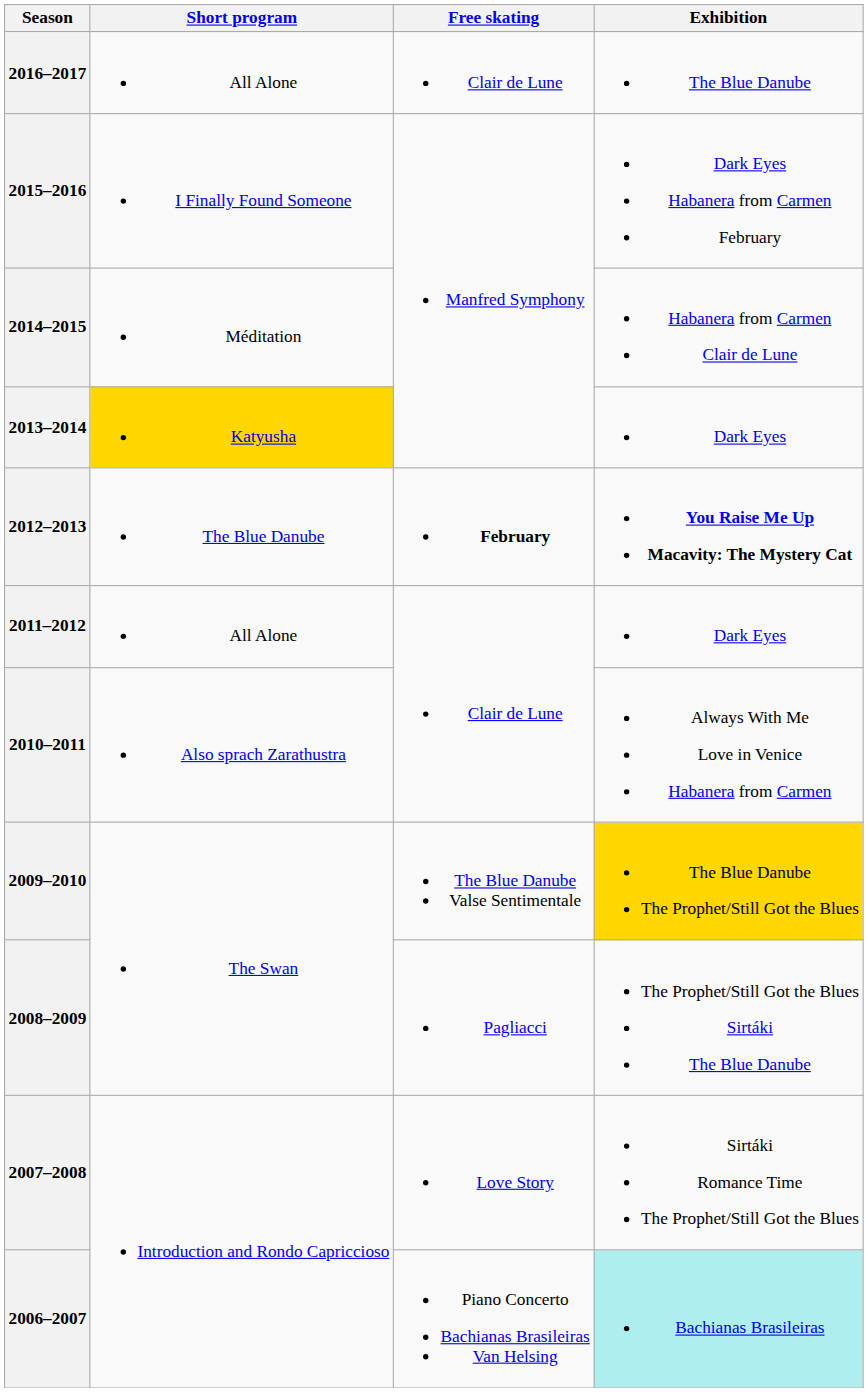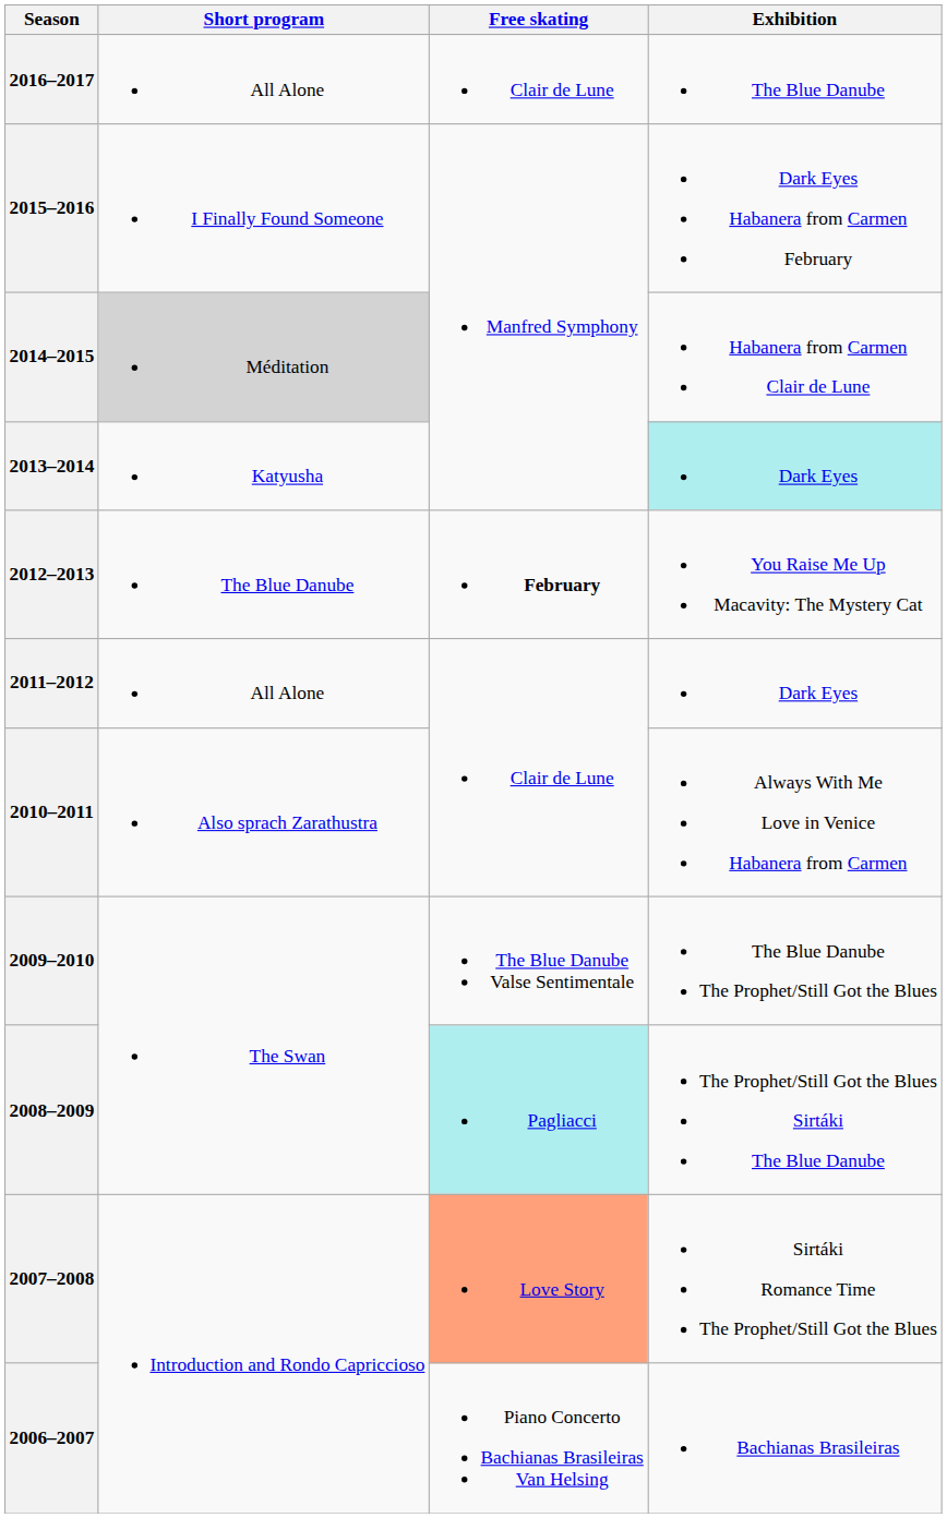 <table class="wikitable" style="text-align:center">
 <tr>
 <th>Season</th>
 <th><a href='#'>Short program</a></th>
 <th><a href='#'>Free skating</a></th>
 <th>Exhibition</th>
 </tr>
 <tr>
 <th>2016–2017 <br></th>
 <td><br><ul><li>All Alone <br> </li></ul></td>
 <td><br><ul><li><a href='#'>Clair de Lune</a> <br> </li></ul></td>
 <td><br><ul><li><a href='#'>The Blue Danube</a> <br> </li></ul></td>
 </tr>
 <tr>
 <th>2015–2016 <br> </th>
 <td><br><ul><li><a href='#'>I Finally Found Someone</a> <br></li></ul></td>
 <td rowspan=3><br><ul><li><a href='#'>Manfred Symphony</a> <br></li></ul></td>
 <td><br><ul><li><a href='#'>Dark Eyes</a> <br></li></ul><ul><li><a href='#'>Habanera</a> from <a href='#'>Carmen</a> <br></li></ul><ul><li>February <br></li></ul></td>
 </tr>
 <tr>
 <th>2014–2015 <br> </th>
-<td><br><ul><li>Méditation <br></li></ul></td>
+<td style="background: lightgrey;"><br><ul><li>Méditation <br></li></ul></td>
 <td><br><ul><li><a href='#'>Habanera</a> from <a href='#'>Carmen</a> <br></li></ul><ul><li><a href='#'>Clair de Lune</a> <br></li></ul></td>
 </tr>
 <tr>
 <th>2013–2014 <br> </th>
-<td style="background: gold;"><br><ul><li><a href='#'>Katyusha</a> <br></li></ul></td>
-<td><br><ul><li><a href='#'>Dark Eyes</a> <br></li></ul></td>
+<td><br><ul><li><a href='#'>Katyusha</a> <br></li></ul></td>
+<td style="background: paleturquoise;"><br><ul><li><a href='#'>Dark Eyes</a> <br></li></ul></td>
 </tr>
 <tr>
 <th>2012–2013 <br> </th>
 <td><br><ul><li><a href='#'>The Blue Danube</a> <br></li></ul></td>
 <td><strong><br><ul><li>February <br></li></ul></strong></td>
-<td><strong><br><ul><li><a href='#'>You Raise Me Up</a> <br></li></ul><ul><li>Macavity: The Mystery Cat <br></li></ul></strong></td>
+<td><br><ul><li><a href='#'>You Raise Me Up</a> <br></li></ul><ul><li>Macavity: The Mystery Cat <br></li></ul></td>
 </tr>
 <tr>
 <th>2011–2012 <br> </th>
 <td><br><ul><li>All Alone <br></li></ul></td>
 <td rowspan=2><br><ul><li><a href='#'>Clair de Lune</a> <br></li></ul></td>
 <td><br><ul><li><a href='#'>Dark Eyes</a> <br></li></ul></td>
 </tr>
 <tr>
 <th>2010–2011 <br> </th>
 <td><br><ul><li><a href='#'>Also sprach Zarathustra</a> <br></li></ul></td>
 <td><br><ul><li>Always With Me <br></li></ul><ul><li>Love in Venice <br></li></ul><ul><li><a href='#'>Habanera</a> from <a href='#'>Carmen</a> <br></li></ul></td>
 </tr>
 <tr>
 <th>2009–2010 <br> </th>
 <td rowspan=2><br><ul><li><a href='#'>The Swan</a> <br></li></ul></td>
 <td><br><ul><li><a href='#'>The Blue Danube</a> <br></li><li>Valse Sentimentale <br></li></ul></td>
-<td style="background: gold;"><br><ul><li>The Blue Danube <br></li></ul><ul><li>The Prophet/Still Got the Blues <br></li></ul></td>
+<td><br><ul><li>The Blue Danube <br></li></ul><ul><li>The Prophet/Still Got the Blues <br></li></ul></td>
 </tr>
 <tr>
 <th>2008–2009 <br> </th>
-<td><br><ul><li><a href='#'>Pagliacci</a> <br></li></ul></td>
+<td style="background: paleturquoise;"><br><ul><li><a href='#'>Pagliacci</a> <br></li></ul></td>
 <td><br><ul><li>The Prophet/Still Got the Blues <br></li></ul><ul><li><a href='#'>Sirtáki</a> <br></li></ul><ul><li><a href='#'>The Blue Danube</a> <br></li></ul></td>
 </tr>
 <tr>
 <th>2007–2008 <br> </th>
 <td rowspan=2><br><ul><li><a href='#'>Introduction and Rondo Capriccioso</a> <br></li></ul></td>
-<td><br><ul><li><a href='#'>Love Story</a> <br></li></ul></td>
+<td style="background: lightsalmon;"><br><ul><li><a href='#'>Love Story</a> <br></li></ul></td>
 <td><br><ul><li>Sirtáki <br></li></ul><ul><li>Romance Time <br></li></ul><ul><li>The Prophet/Still Got the Blues <br></li></ul></td>
 </tr>
 <tr>
 <th>2006–2007 <br> </th>
 <td><br><ul><li>Piano Concerto <br></li></ul><ul><li><a href='#'>Bachianas Brasileiras</a> <br></li><li><a href='#'>Van Helsing</a> <br></li></ul></td>
-<td style="background: paleturquoise;"><br><ul><li><a href='#'>Bachianas Brasileiras</a> <br></li></ul></td>
+<td><br><ul><li><a href='#'>Bachianas Brasileiras</a> <br></li></ul></td>
 </tr>
 </table>
